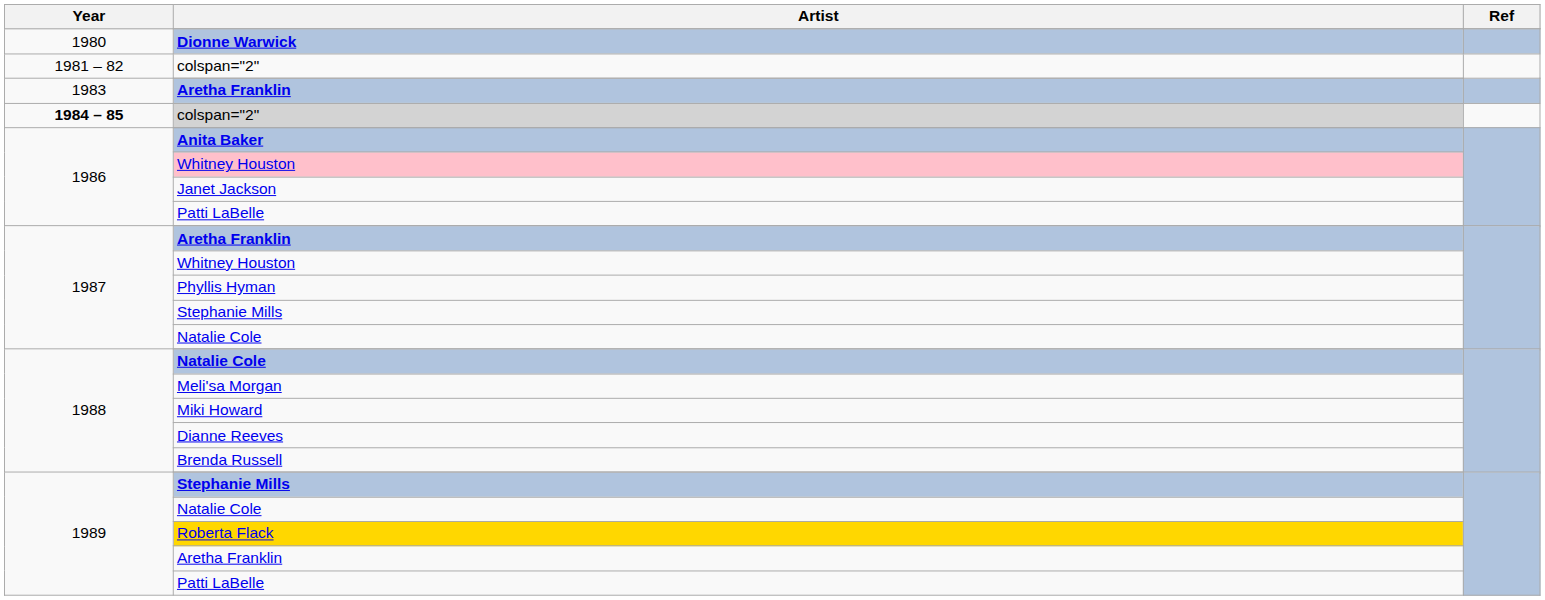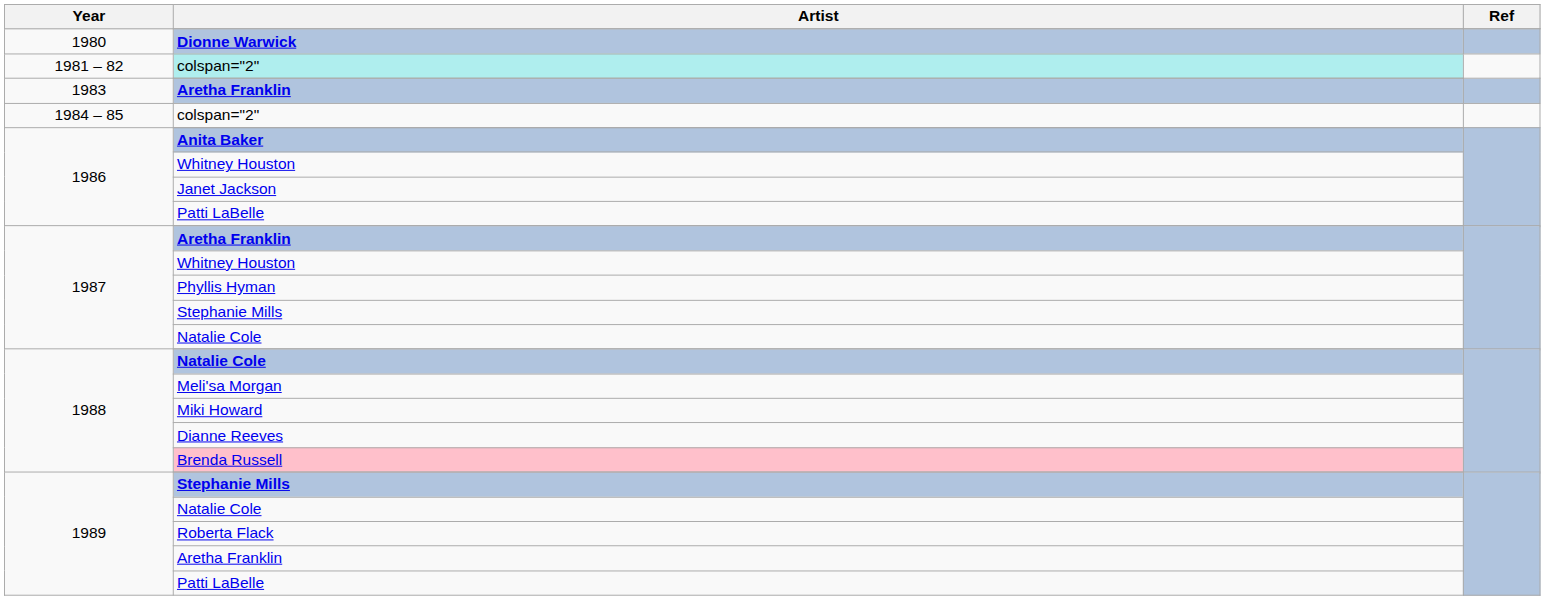 <table class="wikitable" style="width:100%;">
 <tr style="background:#bebebe;">
 <th style="width:11%;">Year</th>
 <th style="width:84%;">Artist</th>
 <th style="width:5%;">Ref</th>
 </tr>
 <tr>
 <td rowspan="2" align="center">1980</td>
 </tr>
 <tr style="background:#B0C4DE">
 <td><strong><a href='#'>Dionne Warwick</a></strong></td>
 <td align="center"></td>
 </tr>
 <tr>
 <td align="center">1981 – 82</td>
-<td>colspan="2" </td>
+<td style="background: paleturquoise;">colspan="2" </td>
 </tr>
 <tr>
 <td rowspan="2" align="center">1983</td>
 </tr>
 <tr style="background:#B0C4DE">
 <td><strong><a href='#'>Aretha Franklin</a></strong></td>
 <td align="center"></td>
 </tr>
 <tr>
-<td align="center"><strong>1984 – 85</strong></td>
-<td style="background: lightgrey;">colspan="2" </td>
+<td align="center">1984 – 85</td>
+<td>colspan="2" </td>
 </tr>
 <tr>
 <td rowspan="5" align="center">1986</td>
 </tr>
 <tr style="background:#B0C4DE">
 <td><strong><a href='#'>Anita Baker</a></strong></td>
 <td rowspan="5" align="center"></td>
 </tr>
 <tr>
-<td style="background: pink;"><a href='#'>Whitney Houston</a></td>
+<td><a href='#'>Whitney Houston</a></td>
 </tr>
 <tr>
 <td><a href='#'>Janet Jackson</a></td>
 </tr>
 <tr>
 <td><a href='#'>Patti LaBelle</a></td>
 </tr>
 <tr>
 <td rowspan="6" align="center">1987</td>
 </tr>
 <tr style="background:#B0C4DE">
 <td><strong><a href='#'>Aretha Franklin</a></strong></td>
 <td rowspan="6" align="center"></td>
 </tr>
 <tr>
 <td><a href='#'>Whitney Houston</a></td>
 </tr>
 <tr>
 <td><a href='#'>Phyllis Hyman</a></td>
 </tr>
 <tr>
 <td><a href='#'>Stephanie Mills</a></td>
 </tr>
 <tr>
 <td><a href='#'>Natalie Cole</a></td>
 </tr>
 <tr>
 <td rowspan="6" align="center">1988</td>
 </tr>
 <tr style="background:#B0C4DE">
 <td><strong><a href='#'>Natalie Cole</a></strong></td>
 <td rowspan="6" align="center"></td>
 </tr>
 <tr>
 <td><a href='#'>Meli'sa Morgan</a></td>
 </tr>
 <tr>
 <td><a href='#'>Miki Howard</a></td>
 </tr>
 <tr>
 <td><a href='#'>Dianne Reeves</a></td>
 </tr>
 <tr>
-<td><a href='#'>Brenda Russell</a></td>
+<td style="background: pink;"><a href='#'>Brenda Russell</a></td>
 </tr>
 <tr>
 <td rowspan="6" align="center">1989</td>
 </tr>
 <tr style="background:#B0C4DE">
 <td><strong><a href='#'>Stephanie Mills</a></strong></td>
 <td rowspan="6" align="center"></td>
 </tr>
 <tr>
 <td><a href='#'>Natalie Cole</a></td>
 </tr>
 <tr>
-<td style="background: gold;"><a href='#'>Roberta Flack</a></td>
+<td><a href='#'>Roberta Flack</a></td>
 </tr>
 <tr>
 <td><a href='#'>Aretha Franklin</a></td>
 </tr>
 <tr>
 <td><a href='#'>Patti LaBelle</a></td>
 </tr>
 </table>
